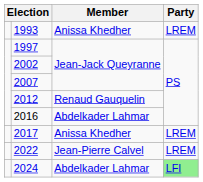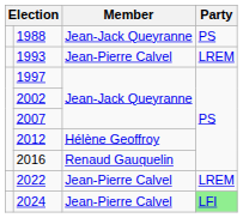 <table class="wikitable">
 <tr>
 <th colspan=2>Election</th>
 <th>Member</th>
 <th>Party</th>
 </tr>
 <tr>
 <td style="background-color: "></td>
+<td><a href='#'>1988</a></td>
+<td><a href='#'>Jean-Jack Queyranne</a></td>
+<td><a href='#'>PS</a></td>
+</tr>
+<tr>
+<td style="background-color: "></td>
 <td><a href='#'>1993</a></td>
-<td><a href='#'>Anissa Khedher</a></td>
+<td><a href='#'>Jean-Pierre Calvel</a></td>
 <td><a href='#'>LREM</a></td>
 </tr>
 <tr>
 <td rowspan="5" style="background-color: "></td>
 <td><a href='#'>1997</a></td>
 <td rowspan="3"><a href='#'>Jean-Jack Queyranne</a></td>
 <td rowspan="5"><a href='#'>PS</a></td>
 </tr>
 <tr>
 <td><a href='#'>2002</a></td>
 </tr>
 <tr>
 <td><a href='#'>2007</a></td>
 </tr>
 <tr>
 <td><a href='#'>2012</a></td>
-<td><a href='#'>Renaud Gauquelin</a></td>
+<td><a href='#'>Hélène Geoffroy</a></td>
 </tr>
 <tr>
 <td>2016</td>
-<td><a href='#'>Abdelkader Lahmar</a></td>
-</tr>
-<tr>
-<td style="background-color: "></td>
-<td><a href='#'>2017</a></td>
-<td><a href='#'>Anissa Khedher</a></td>
-<td><a href='#'>LREM</a></td>
+<td><a href='#'>Renaud Gauquelin</a></td>
 </tr>
 <tr>
 <td style="background-color: "></td>
 <td><a href='#'>2022</a></td>
 <td><a href='#'>Jean-Pierre Calvel</a></td>
 <td><a href='#'>LREM</a></td>
 </tr>
 <tr>
 <td style="background-color: "></td>
 <td><a href='#'>2024</a></td>
-<td><a href='#'>Abdelkader Lahmar</a></td>
+<td><a href='#'>Jean-Pierre Calvel</a></td>
 <td style="background: lightgreen;"><a href='#'>LFI</a></td>
 </tr>
 </table>
